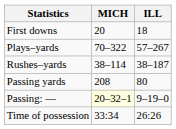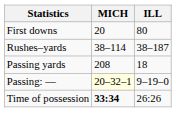 <table class="wikitable" style="float:left">
 <tr>
 <th>Statistics</th>
 <th>MICH</th>
 <th>ILL</th>
 </tr>
 <tr>
 <td>First downs</td>
 <td>20</td>
-<td>18</td>
-</tr>
-<tr>
-<td>Plays–yards</td>
-<td>70–322</td>
-<td>57–267</td>
+<td>80</td>
 </tr>
 <tr>
 <td>Rushes–yards</td>
 <td>38–114</td>
 <td>38–187</td>
 </tr>
 <tr>
 <td>Passing yards</td>
 <td>208</td>
-<td>80</td>
+<td>18</td>
 </tr>
 <tr>
 <td>Passing: ––</td>
 <td style="background: lightyellow;">20–32–1</td>
 <td>9–19–0</td>
 </tr>
 <tr>
 <td>Time of possession</td>
-<td>33:34</td>
+<td><strong>33:34</strong></td>
 <td>26:26</td>
 </tr>
 </table>
